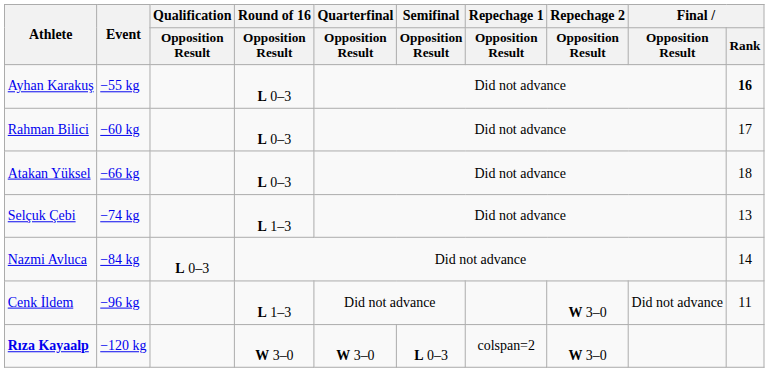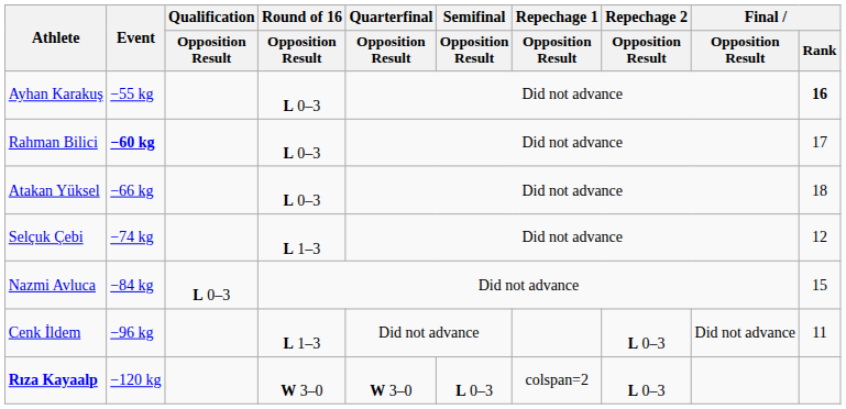 <table class="wikitable" style="font-size:90%">
 <tr>
 <th rowspan="2">Athlete</th>
 <th rowspan="2">Event</th>
 <th>Qualification</th>
 <th>Round of 16</th>
 <th>Quarterfinal</th>
 <th>Semifinal</th>
 <th>Repechage 1</th>
 <th>Repechage 2</th>
 <th colspan=2>Final / </th>
 </tr>
 <tr style="font-size: 95%">
 <th>Opposition<br>Result</th>
 <th>Opposition<br>Result</th>
 <th>Opposition<br>Result</th>
 <th>Opposition<br>Result</th>
 <th>Opposition<br>Result</th>
 <th>Opposition<br>Result</th>
 <th>Opposition<br>Result</th>
 <th>Rank</th>
 </tr>
 <tr align=center>
 <td align=left><a href='#'>Ayhan Karakuş</a></td>
 <td align=left><a href='#'>−55 kg</a></td>
 <td></td>
 <td><br><strong>L</strong> 0–3 <sup></sup></td>
 <td colspan=5>Did not advance</td>
 <td><strong>16</strong></td>
 </tr>
 <tr align=center>
 <td align=left><a href='#'>Rahman Bilici</a></td>
-<td align=left><a href='#'>−60 kg</a></td>
+<td align=left><strong><a href='#'>−60 kg</a></strong></td>
 <td></td>
 <td><br><strong>L</strong> 0–3 <sup></sup></td>
 <td colspan=5>Did not advance</td>
 <td>17</td>
 </tr>
 <tr align=center>
 <td align=left><a href='#'>Atakan Yüksel</a></td>
 <td align=left><a href='#'>−66 kg</a></td>
 <td></td>
 <td><br><strong>L</strong> 0–3 <sup></sup></td>
 <td colspan=5>Did not advance</td>
 <td>18</td>
 </tr>
 <tr align=center>
 <td align=left><a href='#'>Selçuk Çebi</a></td>
 <td align=left><a href='#'>−74 kg</a></td>
 <td></td>
 <td><br><strong>L</strong> 1–3 <sup></sup></td>
 <td colspan=5>Did not advance</td>
-<td>13</td>
+<td>12</td>
 </tr>
 <tr align=center>
 <td align=left><a href='#'>Nazmi Avluca</a></td>
 <td align=left><a href='#'>−84 kg</a></td>
 <td><br><strong>L</strong> 0–3 <sup></sup></td>
 <td colspan=6>Did not advance</td>
-<td>14</td>
+<td>15</td>
 </tr>
 <tr align=center>
 <td align=left><a href='#'>Cenk İldem</a></td>
 <td align=left><a href='#'>−96 kg</a></td>
 <td></td>
 <td><br><strong>L</strong> 1–3 <sup></sup></td>
 <td colspan=2>Did not advance</td>
 <td></td>
-<td><br> <strong>W</strong> 3–0 <sup></sup></td>
+<td><br><strong>L</strong> 0–3 <sup></sup></td>
 <td>Did not advance</td>
 <td>11</td>
 </tr>
 <tr align=center>
 <td align=left><strong><a href='#'>Rıza Kayaalp</a></strong></td>
 <td align=left><a href='#'>−120 kg</a></td>
 <td></td>
 <td><br><strong>W</strong> 3–0 <sup></sup></td>
 <td><br><strong>W</strong> 3–0 <sup></sup></td>
 <td><br><strong>L</strong> 0–3 <sup></sup></td>
 <td>colspan=2 </td>
-<td><br> <strong>W</strong> 3–0 <sup></sup></td>
+<td><br><strong>L</strong> 0–3 <sup></sup></td>
 <td></td>
 </tr>
 </table>
